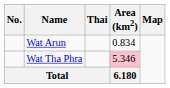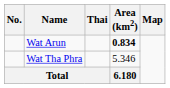 <table class="wikitable sortable">
 <tr>
 <th>No.</th>
 <th>Name</th>
 <th>Thai</th>
 <th>Area<br>(km<sup>2</sup>)</th>
 <th>Map</th>
 </tr>
 <tr>
 <td></td>
 <td><a href='#'>Wat Arun</a></td>
 <td></td>
-<td><div>0.834</div></td>
+<td><strong><div>0.834</div></strong></td>
 <td rowspan=3></td>
 </tr>
 <tr>
 <td></td>
 <td><a href='#'>Wat Tha Phra</a></td>
 <td></td>
-<td style="background: pink;"><div>5.346</div></td>
+<td><div>5.346</div></td>
 </tr>
 <tr>
 <th colspan=3>Total</th>
 <th><div>6.180</div></th>
 </tr>
 </table>
